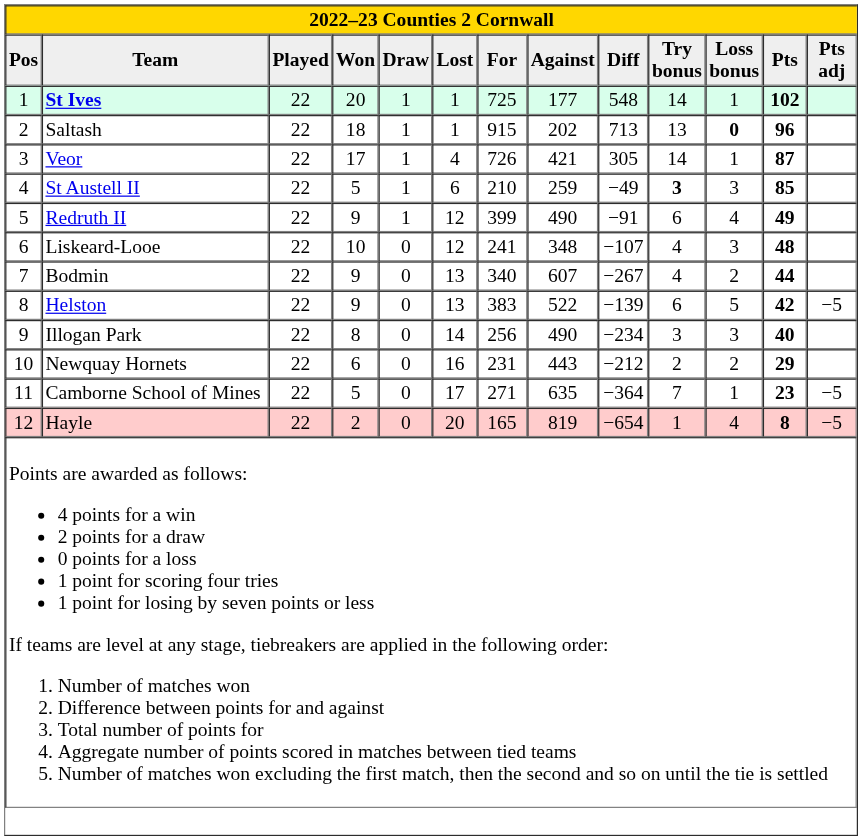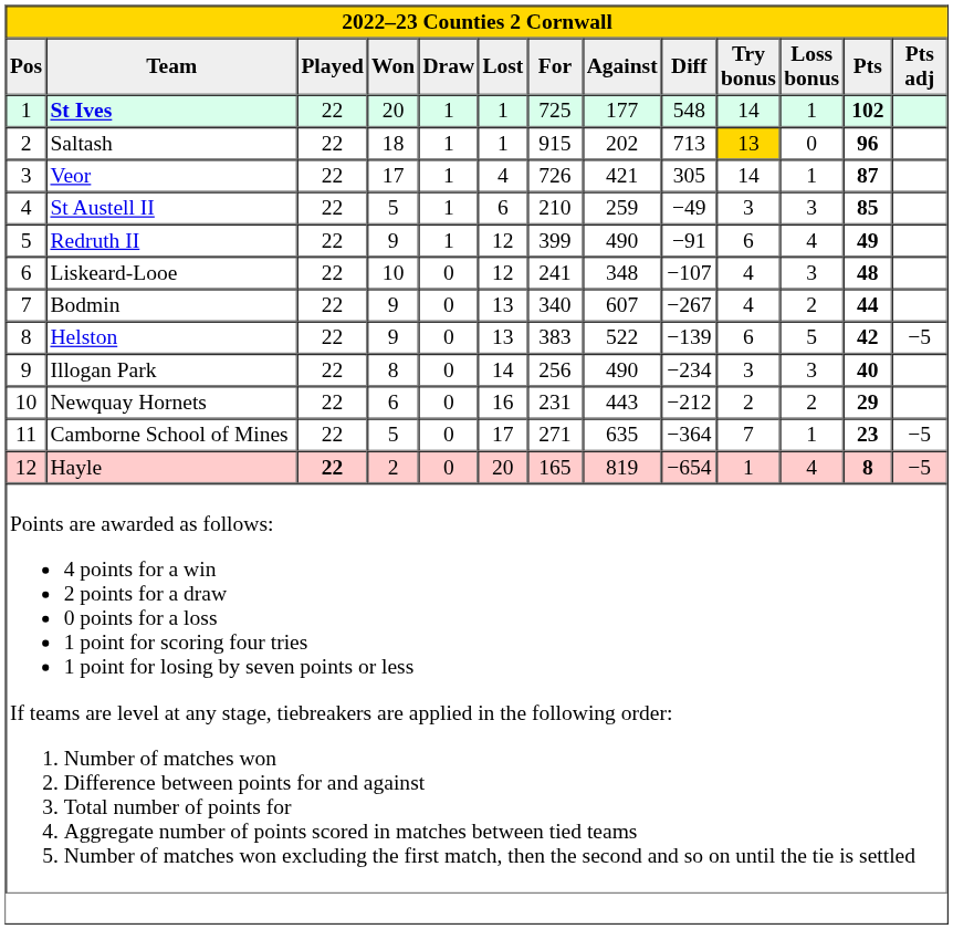 <table border="1" cellpadding="2" cellspacing="0">
 <tr bgcolor="gold">
 <th colspan=13 style="border-right:0px;";>2022–23 Counties 2 Cornwall </th>
 </tr>
 <tr bgcolor="#efefef">
 <th width="20">Pos</th>
 <th width="180">Team</th>
 <th width="25">Played</th>
 <th width="25">Won</th>
 <th width="25">Draw</th>
 <th width="25">Lost</th>
 <th width="35">For</th>
 <th width="35">Against</th>
 <th width="35">Diff</th>
 <th width="35">Try bonus</th>
 <th width="35">Loss bonus</th>
 <th width="30">Pts</th>
 <th width="35">Pts adj</th>
 </tr>
 <tr bgcolor=#d8ffeb align=center>
 <td>1</td>
 <td align=left><strong><a href='#'>St Ives</a></strong></td>
 <td>22</td>
 <td>20</td>
 <td>1</td>
 <td>1</td>
 <td>725</td>
 <td>177</td>
 <td>548</td>
 <td>14</td>
 <td>1</td>
 <td><strong>102</strong></td>
 <td></td>
 </tr>
 <tr align=center>
 <td>2</td>
 <td align=left>Saltash</td>
 <td>22</td>
 <td>18</td>
 <td>1</td>
 <td>1</td>
 <td>915</td>
 <td>202</td>
 <td>713</td>
-<td>13</td>
-<td><strong>0</strong></td>
+<td style="background: gold;">13</td>
+<td>0</td>
 <td><strong>96</strong></td>
 <td></td>
 </tr>
 <tr align=center>
 <td>3</td>
 <td align=left><a href='#'>Veor</a></td>
 <td>22</td>
 <td>17</td>
 <td>1</td>
 <td>4</td>
 <td>726</td>
 <td>421</td>
 <td>305</td>
 <td>14</td>
 <td>1</td>
 <td><strong>87</strong></td>
 <td></td>
 </tr>
 <tr align=center>
 <td>4</td>
 <td align=left><a href='#'>St Austell II</a></td>
 <td>22</td>
 <td>5</td>
 <td>1</td>
 <td>6</td>
 <td>210</td>
 <td>259</td>
 <td>−49</td>
-<td><strong>3</strong></td>
+<td>3</td>
 <td>3</td>
 <td><strong>85</strong></td>
 <td></td>
 </tr>
 <tr align=center>
 <td>5</td>
 <td align=left><a href='#'>Redruth II</a></td>
 <td>22</td>
 <td>9</td>
 <td>1</td>
 <td>12</td>
 <td>399</td>
 <td>490</td>
 <td>−91</td>
 <td>6</td>
 <td>4</td>
 <td><strong>49</strong></td>
 <td></td>
 </tr>
 <tr align=center>
 <td>6</td>
 <td align=left>Liskeard-Looe</td>
 <td>22</td>
 <td>10</td>
 <td>0</td>
 <td>12</td>
 <td>241</td>
 <td>348</td>
 <td>−107</td>
 <td>4</td>
 <td>3</td>
 <td><strong>48</strong></td>
 <td></td>
 </tr>
 <tr align=center>
 <td>7</td>
 <td align=left>Bodmin</td>
 <td>22</td>
 <td>9</td>
 <td>0</td>
 <td>13</td>
 <td>340</td>
 <td>607</td>
 <td>−267</td>
 <td>4</td>
 <td>2</td>
 <td><strong>44</strong></td>
 <td></td>
 </tr>
 <tr align=center>
 <td>8</td>
 <td align=left><a href='#'>Helston</a></td>
 <td>22</td>
 <td>9</td>
 <td>0</td>
 <td>13</td>
 <td>383</td>
 <td>522</td>
 <td>−139</td>
 <td>6</td>
 <td>5</td>
 <td><strong>42</strong></td>
 <td>−5</td>
 </tr>
 <tr align=center>
 <td>9</td>
 <td align=left>Illogan Park</td>
 <td>22</td>
 <td>8</td>
 <td>0</td>
 <td>14</td>
 <td>256</td>
 <td>490</td>
 <td>−234</td>
 <td>3</td>
 <td>3</td>
 <td><strong>40</strong></td>
 <td></td>
 </tr>
 <tr align=center>
 <td>10</td>
 <td align=left>Newquay Hornets</td>
 <td>22</td>
 <td>6</td>
 <td>0</td>
 <td>16</td>
 <td>231</td>
 <td>443</td>
 <td>−212</td>
 <td>2</td>
 <td>2</td>
 <td><strong>29</strong></td>
 <td></td>
 </tr>
 <tr align=center>
 <td>11</td>
 <td align=left>Camborne School of Mines</td>
 <td>22</td>
 <td>5</td>
 <td>0</td>
 <td>17</td>
 <td>271</td>
 <td>635</td>
 <td>−364</td>
 <td>7</td>
 <td>1</td>
 <td><strong>23</strong></td>
 <td>−5</td>
 </tr>
 <tr bgcolor=#ffcccc align=center>
 <td>12</td>
 <td align=left>Hayle</td>
-<td>22</td>
+<td><strong>22</strong></td>
 <td>2</td>
 <td>0</td>
 <td>20</td>
 <td>165</td>
 <td>819</td>
 <td>−654</td>
 <td>1</td>
 <td>4</td>
 <td><strong>8</strong></td>
 <td>−5</td>
 </tr>
 <tr align=center>
 </tr>
 <tr bgcolor=#ffffff>
 <td colspan="13"><br>Points are awarded as follows:<ul><li>4 points for a win</li><li>2 points for a draw</li><li>0 points for a loss</li><li>1 point for scoring four tries</li><li>1 point for losing by seven points or less</li></ul>If teams are level at any stage, tiebreakers are applied in the following order:<ol><li>Number of matches won</li><li>Difference between points for and against</li><li>Total number of points for</li><li>Aggregate number of points scored in matches between tied teams</li><li>Number of matches won excluding the first match, then the second and so on until the tie is settled</li></ol></td>
 </tr>
 <tr |align=left|>
 <td colspan="15" style="border:0px"><br></td>
 </tr>
 </table>
